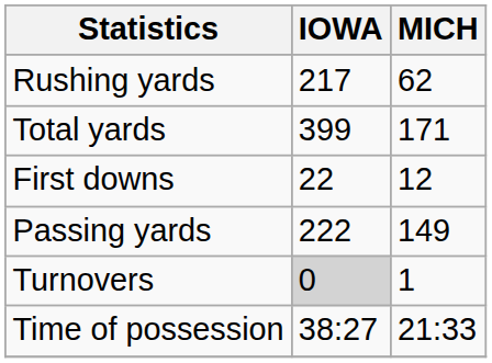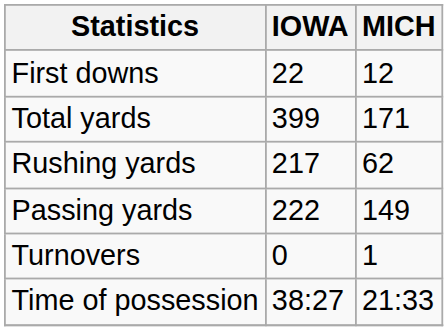 <table class="wikitable">
 <tr>
 <th>Statistics</th>
 <th>IOWA</th>
 <th>MICH</th>
 </tr>
 <tr>
-<td>Rushing yards</td>
-<td>217</td>
-<td>62</td>
+<td>First downs</td>
+<td>22</td>
+<td>12</td>
 </tr>
 <tr>
 <td>Total yards</td>
 <td>399</td>
 <td>171</td>
 </tr>
 <tr>
-<td>First downs</td>
-<td>22</td>
-<td>12</td>
+<td>Rushing yards</td>
+<td>217</td>
+<td>62</td>
 </tr>
 <tr>
 <td>Passing yards</td>
 <td>222</td>
 <td>149</td>
 </tr>
 <tr>
 <td>Turnovers</td>
-<td style="background: lightgrey;">0</td>
+<td>0</td>
 <td>1</td>
 </tr>
 <tr>
 <td>Time of possession</td>
 <td>38:27</td>
 <td>21:33</td>
 </tr>
 <tr>
 </tr>
 </table>
